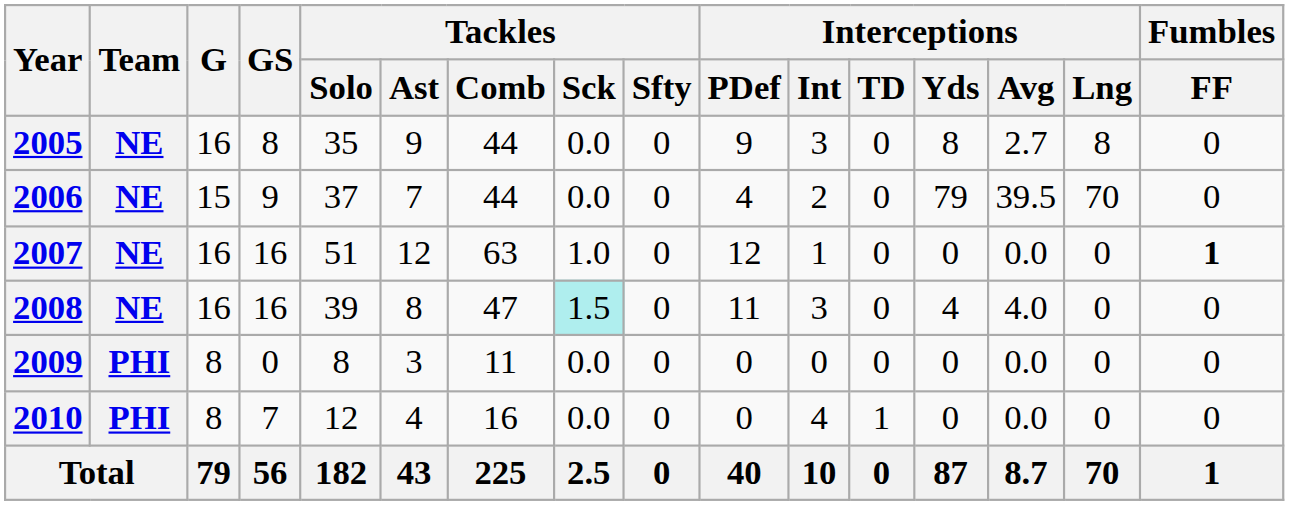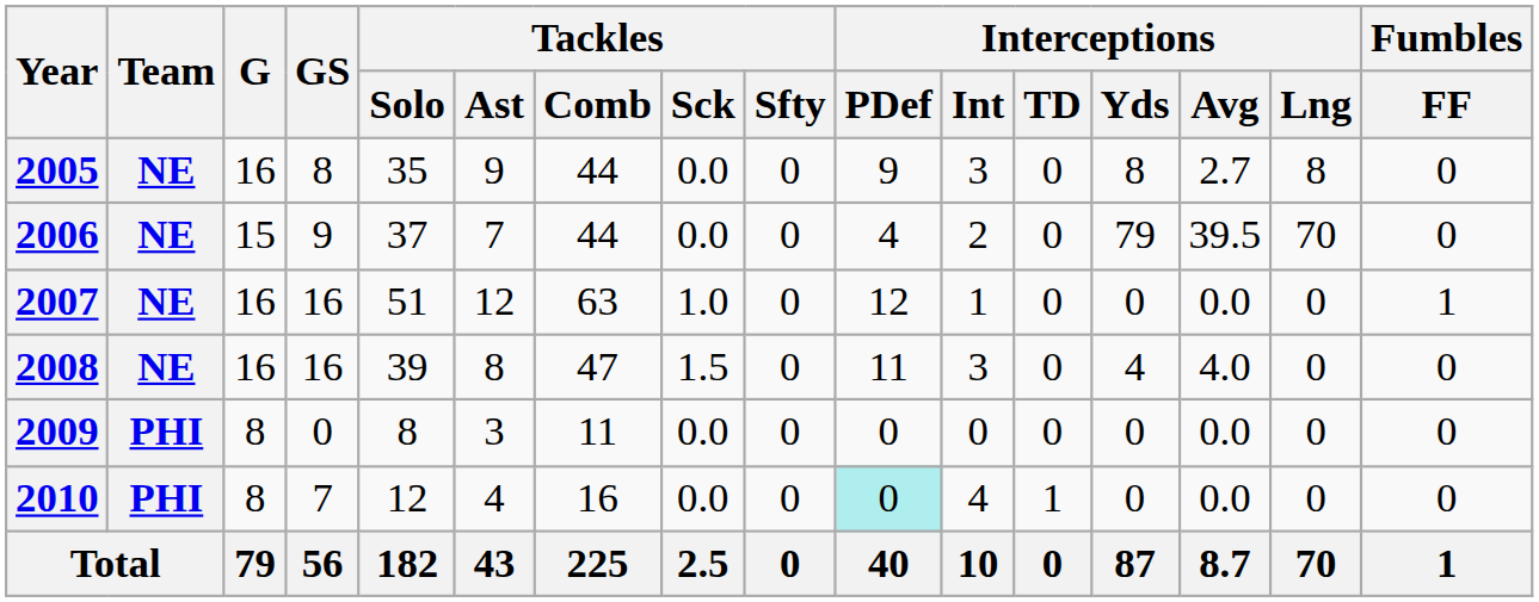 <table class="wikitable" style="text-align: center;">
 <tr>
 <th rowspan="2">Year</th>
 <th rowspan="2">Team</th>
 <th rowspan="2">G</th>
 <th rowspan="2">GS</th>
 <th colspan="5">Tackles</th>
 <th colspan="6">Interceptions</th>
 <th colspan="1">Fumbles</th>
 </tr>
 <tr>
 <th>Solo</th>
 <th>Ast</th>
 <th>Comb</th>
 <th>Sck</th>
 <th>Sfty</th>
 <th>PDef</th>
 <th>Int</th>
 <th>TD</th>
 <th>Yds</th>
 <th>Avg</th>
 <th>Lng</th>
 <th>FF</th>
 </tr>
 <tr>
 <th><a href='#'>2005</a></th>
 <th><a href='#'>NE</a></th>
 <td>16</td>
 <td>8</td>
 <td>35</td>
 <td>9</td>
 <td>44</td>
 <td>0.0</td>
 <td>0</td>
 <td>9</td>
 <td>3</td>
 <td>0</td>
 <td>8</td>
 <td>2.7</td>
 <td>8</td>
 <td>0</td>
 </tr>
 <tr>
 <th><a href='#'>2006</a></th>
 <th><a href='#'>NE</a></th>
 <td>15</td>
 <td>9</td>
 <td>37</td>
 <td>7</td>
 <td>44</td>
 <td>0.0</td>
 <td>0</td>
 <td>4</td>
 <td>2</td>
 <td>0</td>
 <td>79</td>
 <td>39.5</td>
 <td>70</td>
 <td>0</td>
 </tr>
 <tr>
 <th><a href='#'>2007</a></th>
 <th><a href='#'>NE</a></th>
 <td>16</td>
 <td>16</td>
 <td>51</td>
 <td>12</td>
 <td>63</td>
 <td>1.0</td>
 <td>0</td>
 <td>12</td>
 <td>1</td>
 <td>0</td>
 <td>0</td>
 <td>0.0</td>
 <td>0</td>
-<td><strong>1</strong></td>
+<td>1</td>
 </tr>
 <tr>
 <th><a href='#'>2008</a></th>
 <th><a href='#'>NE</a></th>
 <td>16</td>
 <td>16</td>
 <td>39</td>
 <td>8</td>
 <td>47</td>
-<td style="background: paleturquoise;">1.5</td>
+<td>1.5</td>
 <td>0</td>
 <td>11</td>
 <td>3</td>
 <td>0</td>
 <td>4</td>
 <td>4.0</td>
 <td>0</td>
 <td>0</td>
 </tr>
 <tr>
 <th><a href='#'>2009</a></th>
 <th><a href='#'>PHI</a></th>
 <td>8</td>
 <td>0</td>
 <td>8</td>
 <td>3</td>
 <td>11</td>
 <td>0.0</td>
 <td>0</td>
 <td>0</td>
 <td>0</td>
 <td>0</td>
 <td>0</td>
 <td>0.0</td>
 <td>0</td>
 <td>0</td>
 </tr>
 <tr>
 <th><a href='#'>2010</a></th>
 <th><a href='#'>PHI</a></th>
 <td>8</td>
 <td>7</td>
 <td>12</td>
 <td>4</td>
 <td>16</td>
 <td>0.0</td>
 <td>0</td>
-<td>0</td>
+<td style="background: paleturquoise;">0</td>
 <td>4</td>
 <td>1</td>
 <td>0</td>
 <td>0.0</td>
 <td>0</td>
 <td>0</td>
 </tr>
 <tr>
 <th colspan="2">Total</th>
 <th>79</th>
 <th>56</th>
 <th>182</th>
 <th>43</th>
 <th>225</th>
 <th>2.5</th>
 <th>0</th>
 <th>40</th>
 <th>10</th>
 <th>0</th>
 <th>87</th>
 <th>8.7</th>
 <th>70</th>
 <th>1</th>
 </tr>
 </table>
